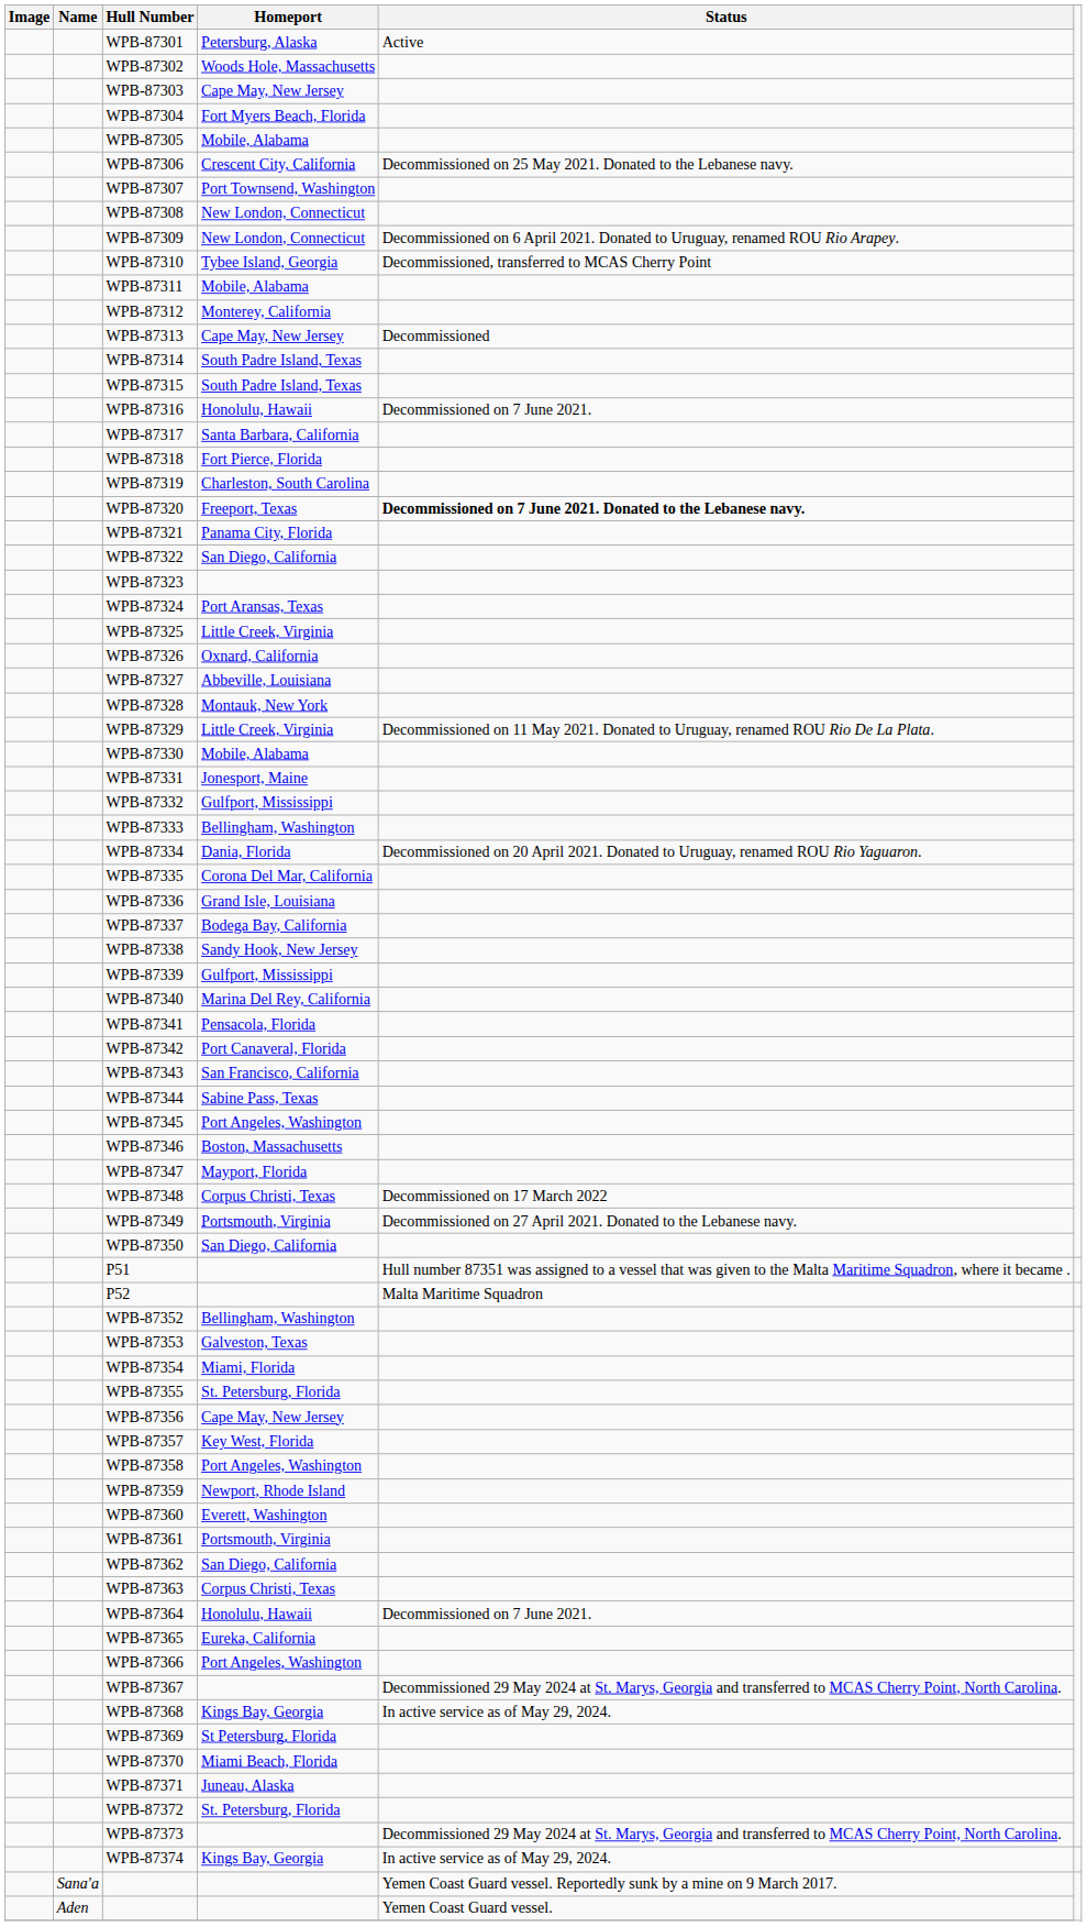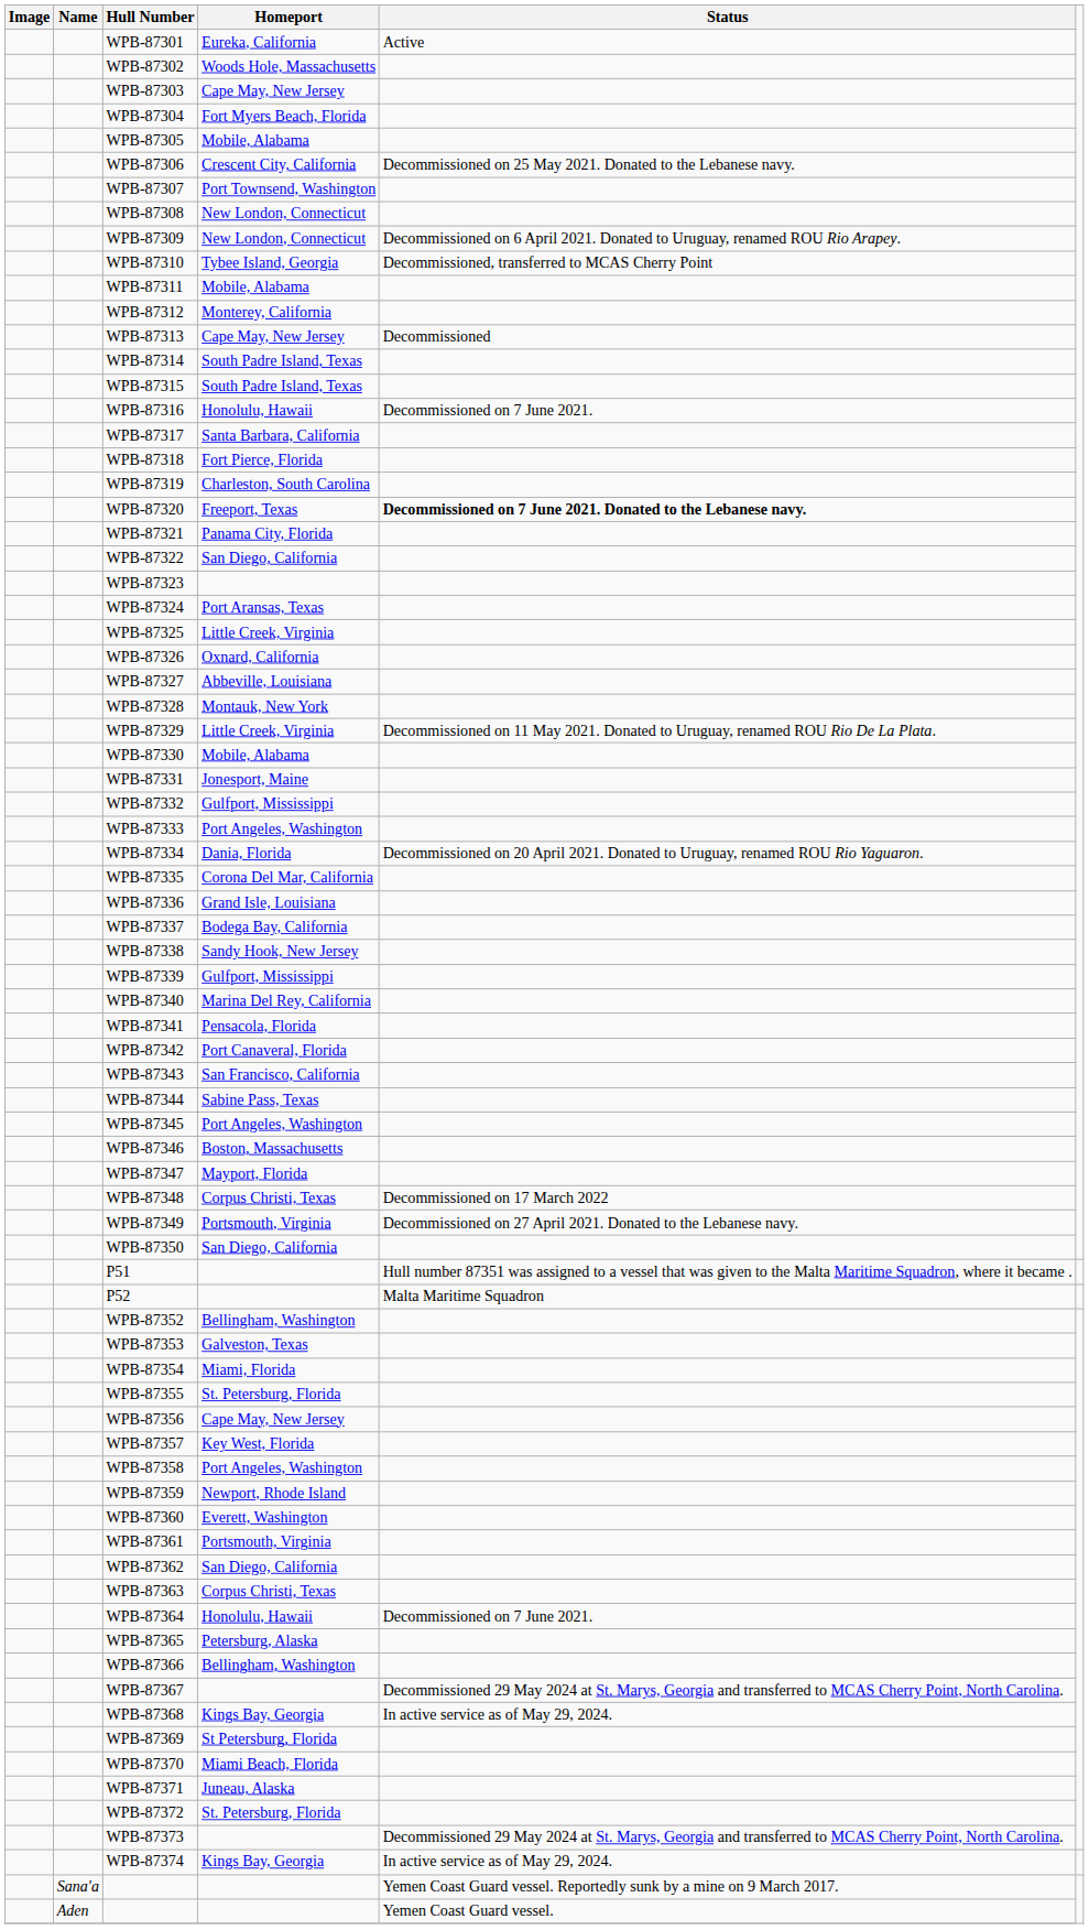 <table class="wikitable sortable sticky-header">
 <tr>
 <th>Image</th>
 <th>Name</th>
 <th>Hull Number</th>
 <th>Homeport</th>
 <th>Status</th>
 </tr>
 <tr>
 <td></td>
 <td></td>
 <td>WPB-87301</td>
-<td><a href='#'>Petersburg, Alaska</a></td>
+<td><a href='#'>Eureka, California</a></td>
 <td>Active</td>
 </tr>
 <tr>
 <td></td>
 <td></td>
 <td>WPB-87302</td>
 <td><a href='#'>Woods Hole, Massachusetts</a></td>
 <td></td>
 </tr>
 <tr>
 <td></td>
 <td></td>
 <td>WPB-87303</td>
 <td><a href='#'>Cape May, New Jersey</a></td>
 <td></td>
 </tr>
 <tr>
 <td></td>
 <td></td>
 <td>WPB-87304</td>
 <td><a href='#'>Fort Myers Beach, Florida</a></td>
 <td></td>
 </tr>
 <tr>
 <td></td>
 <td></td>
 <td>WPB-87305</td>
 <td><a href='#'>Mobile, Alabama</a></td>
 <td></td>
 </tr>
 <tr>
 <td></td>
 <td></td>
 <td>WPB-87306</td>
 <td><a href='#'>Crescent City, California</a></td>
 <td>Decommissioned on 25 May 2021. Donated to the Lebanese navy.</td>
 </tr>
 <tr>
 <td></td>
 <td></td>
 <td>WPB-87307</td>
 <td><a href='#'>Port Townsend, Washington</a></td>
 <td></td>
 </tr>
 <tr>
 <td></td>
 <td></td>
 <td>WPB-87308</td>
 <td><a href='#'>New London, Connecticut</a></td>
 <td></td>
 </tr>
 <tr>
 <td></td>
 <td></td>
 <td>WPB-87309</td>
 <td><a href='#'>New London, Connecticut</a></td>
 <td>Decommissioned on 6 April 2021. Donated to Uruguay, renamed ROU <em>Rio Arapey</em>.</td>
 </tr>
 <tr>
 <td></td>
 <td></td>
 <td>WPB-87310</td>
 <td><a href='#'>Tybee Island, Georgia</a></td>
 <td>Decommissioned, transferred to MCAS Cherry Point</td>
 </tr>
 <tr>
 <td></td>
 <td></td>
 <td>WPB-87311</td>
 <td><a href='#'>Mobile, Alabama</a></td>
 <td></td>
 </tr>
 <tr>
 <td></td>
 <td></td>
 <td>WPB-87312</td>
 <td><a href='#'>Monterey, California</a></td>
 <td></td>
 </tr>
 <tr>
 <td></td>
 <td></td>
 <td>WPB-87313</td>
 <td><a href='#'>Cape May, New Jersey</a></td>
 <td>Decommissioned</td>
 </tr>
 <tr>
 <td></td>
 <td></td>
 <td>WPB-87314</td>
 <td><a href='#'>South Padre Island, Texas</a></td>
 <td></td>
 </tr>
 <tr>
 <td></td>
 <td></td>
 <td>WPB-87315</td>
 <td><a href='#'>South Padre Island, Texas</a></td>
 <td></td>
 </tr>
 <tr>
 <td></td>
 <td></td>
 <td>WPB-87316</td>
 <td><a href='#'>Honolulu, Hawaii</a></td>
 <td>Decommissioned on 7 June 2021.</td>
 </tr>
 <tr>
 <td></td>
 <td></td>
 <td>WPB-87317</td>
 <td><a href='#'>Santa Barbara, California</a></td>
 <td></td>
 </tr>
 <tr>
 <td></td>
 <td></td>
 <td>WPB-87318</td>
 <td><a href='#'>Fort Pierce, Florida</a></td>
 <td></td>
 </tr>
 <tr>
 <td></td>
 <td></td>
 <td>WPB-87319</td>
 <td><a href='#'>Charleston, South Carolina</a></td>
 <td></td>
 </tr>
 <tr>
 <td></td>
 <td></td>
 <td>WPB-87320</td>
 <td><a href='#'>Freeport, Texas</a></td>
 <td><strong>Decommissioned on 7 June 2021. Donated to the Lebanese navy.</strong></td>
 </tr>
 <tr>
 <td></td>
 <td></td>
 <td>WPB-87321</td>
 <td><a href='#'>Panama City, Florida</a></td>
 <td></td>
 </tr>
 <tr>
 <td></td>
 <td></td>
 <td>WPB-87322</td>
 <td><a href='#'>San Diego, California</a></td>
 <td></td>
 </tr>
 <tr>
 <td></td>
 <td></td>
 <td>WPB-87323</td>
 <td></td>
 <td></td>
 </tr>
 <tr>
 <td></td>
 <td></td>
 <td>WPB-87324</td>
 <td><a href='#'>Port Aransas, Texas</a></td>
 <td></td>
 </tr>
 <tr>
 <td></td>
 <td></td>
 <td>WPB-87325</td>
 <td><a href='#'>Little Creek, Virginia</a></td>
 <td></td>
 </tr>
 <tr>
 <td></td>
 <td></td>
 <td>WPB-87326</td>
 <td><a href='#'>Oxnard, California</a></td>
 <td></td>
 </tr>
 <tr>
 <td></td>
 <td></td>
 <td>WPB-87327</td>
 <td><a href='#'>Abbeville, Louisiana</a></td>
 <td></td>
 </tr>
 <tr>
 <td></td>
 <td></td>
 <td>WPB-87328</td>
 <td><a href='#'>Montauk, New York</a></td>
 <td></td>
 </tr>
 <tr>
 <td></td>
 <td></td>
 <td>WPB-87329</td>
 <td><a href='#'>Little Creek, Virginia</a></td>
 <td>Decommissioned on 11 May 2021. Donated to Uruguay, renamed ROU <em>Rio De La Plata</em>.</td>
 </tr>
 <tr>
 <td></td>
 <td></td>
 <td>WPB-87330</td>
 <td><a href='#'>Mobile, Alabama</a></td>
 <td></td>
 </tr>
 <tr>
 <td></td>
 <td></td>
 <td>WPB-87331</td>
 <td><a href='#'>Jonesport, Maine</a></td>
 <td></td>
 </tr>
 <tr>
 <td></td>
 <td></td>
 <td>WPB-87332</td>
 <td><a href='#'>Gulfport, Mississippi</a></td>
 <td></td>
 </tr>
 <tr>
 <td></td>
 <td></td>
 <td>WPB-87333</td>
-<td><a href='#'>Bellingham, Washington</a></td>
+<td><a href='#'>Port Angeles, Washington</a></td>
 <td></td>
 </tr>
 <tr>
 <td></td>
 <td></td>
 <td>WPB-87334</td>
 <td><a href='#'>Dania, Florida</a></td>
 <td>Decommissioned on 20 April 2021. Donated to Uruguay, renamed ROU <em>Rio Yaguaron</em>.</td>
 </tr>
 <tr>
 <td></td>
 <td></td>
 <td>WPB-87335</td>
 <td><a href='#'>Corona Del Mar, California</a></td>
 <td></td>
 </tr>
 <tr>
 <td></td>
 <td></td>
 <td>WPB-87336</td>
 <td><a href='#'>Grand Isle, Louisiana</a></td>
 <td></td>
 </tr>
 <tr>
 <td></td>
 <td></td>
 <td>WPB-87337</td>
 <td><a href='#'>Bodega Bay, California</a></td>
 <td></td>
 </tr>
 <tr>
 <td></td>
 <td></td>
 <td>WPB-87338</td>
 <td><a href='#'>Sandy Hook, New Jersey</a></td>
 <td></td>
 </tr>
 <tr>
 <td></td>
 <td></td>
 <td>WPB-87339</td>
 <td><a href='#'>Gulfport, Mississippi</a></td>
 <td></td>
 </tr>
 <tr>
 <td></td>
 <td></td>
 <td>WPB-87340</td>
 <td><a href='#'>Marina Del Rey, California</a></td>
 <td></td>
 </tr>
 <tr>
 <td></td>
 <td></td>
 <td>WPB-87341</td>
 <td><a href='#'>Pensacola, Florida</a></td>
 <td></td>
 </tr>
 <tr>
 <td></td>
 <td></td>
 <td>WPB-87342</td>
 <td><a href='#'>Port Canaveral, Florida</a></td>
 <td></td>
 </tr>
 <tr>
 <td></td>
 <td></td>
 <td>WPB-87343</td>
 <td><a href='#'>San Francisco, California</a></td>
 <td></td>
 </tr>
 <tr>
 <td></td>
 <td></td>
 <td>WPB-87344</td>
 <td><a href='#'>Sabine Pass, Texas</a></td>
 <td></td>
 </tr>
 <tr>
 <td></td>
 <td></td>
 <td>WPB-87345</td>
 <td><a href='#'>Port Angeles, Washington</a></td>
 <td></td>
 </tr>
 <tr>
 <td></td>
 <td></td>
 <td>WPB-87346</td>
 <td><a href='#'>Boston, Massachusetts</a></td>
 <td></td>
 </tr>
 <tr>
 <td></td>
 <td></td>
 <td>WPB-87347</td>
 <td><a href='#'>Mayport, Florida</a></td>
 <td></td>
 </tr>
 <tr>
 <td></td>
 <td></td>
 <td>WPB-87348</td>
 <td><a href='#'>Corpus Christi, Texas</a></td>
 <td>Decommissioned on 17 March 2022</td>
 </tr>
 <tr>
 <td></td>
 <td></td>
 <td>WPB-87349</td>
 <td><a href='#'>Portsmouth, Virginia</a></td>
 <td>Decommissioned on 27 April 2021. Donated to the Lebanese navy.</td>
 </tr>
 <tr>
 <td></td>
 <td></td>
 <td>WPB-87350</td>
 <td><a href='#'>San Diego, California</a></td>
 <td></td>
 </tr>
 <tr>
 <td></td>
 <td></td>
 <td>P51</td>
 <td></td>
 <td>Hull number 87351 was assigned to a vessel that was given to the Malta <a href='#'>Maritime Squadron</a>, where it became .</td>
 <td></td>
 </tr>
 <tr>
 <td></td>
 <td></td>
 <td>P52</td>
 <td></td>
 <td>Malta Maritime Squadron </td>
 <td></td>
 </tr>
 <tr>
 <td></td>
 <td></td>
 <td>WPB-87352</td>
 <td><a href='#'>Bellingham, Washington</a></td>
 <td></td>
 </tr>
 <tr>
 <td></td>
 <td></td>
 <td>WPB-87353</td>
 <td><a href='#'>Galveston, Texas</a></td>
 <td></td>
 </tr>
 <tr>
 <td></td>
 <td></td>
 <td>WPB-87354</td>
 <td><a href='#'>Miami, Florida</a></td>
 <td></td>
 </tr>
 <tr>
 <td></td>
 <td></td>
 <td>WPB-87355</td>
 <td><a href='#'>St. Petersburg, Florida</a></td>
 <td></td>
 </tr>
 <tr>
 <td></td>
 <td></td>
 <td>WPB-87356</td>
 <td><a href='#'>Cape May, New Jersey</a></td>
 <td></td>
 </tr>
 <tr>
 <td></td>
 <td></td>
 <td>WPB-87357</td>
 <td><a href='#'>Key West, Florida</a></td>
 <td></td>
 </tr>
 <tr>
 <td></td>
 <td></td>
 <td>WPB-87358</td>
 <td><a href='#'>Port Angeles, Washington</a></td>
 <td></td>
 </tr>
 <tr>
 <td></td>
 <td></td>
 <td>WPB-87359</td>
 <td><a href='#'>Newport, Rhode Island</a></td>
 <td></td>
 </tr>
 <tr>
 <td></td>
 <td></td>
 <td>WPB-87360</td>
 <td><a href='#'>Everett, Washington</a></td>
 <td></td>
 </tr>
 <tr>
 <td></td>
 <td></td>
 <td>WPB-87361</td>
 <td><a href='#'>Portsmouth, Virginia</a></td>
 <td></td>
 </tr>
 <tr>
 <td></td>
 <td></td>
 <td>WPB-87362</td>
 <td><a href='#'>San Diego, California</a></td>
 <td></td>
 </tr>
 <tr>
 <td></td>
 <td></td>
 <td>WPB-87363</td>
 <td><a href='#'>Corpus Christi, Texas</a></td>
 <td></td>
 </tr>
 <tr>
 <td></td>
 <td></td>
 <td>WPB-87364</td>
 <td><a href='#'>Honolulu, Hawaii</a></td>
 <td>Decommissioned on 7 June 2021.</td>
 </tr>
 <tr>
 <td></td>
 <td></td>
 <td>WPB-87365</td>
-<td><a href='#'>Eureka, California</a></td>
+<td><a href='#'>Petersburg, Alaska</a></td>
 <td></td>
 </tr>
 <tr>
 <td></td>
 <td></td>
 <td>WPB-87366</td>
-<td><a href='#'>Port Angeles, Washington</a></td>
+<td><a href='#'>Bellingham, Washington</a></td>
 <td></td>
 </tr>
 <tr>
 <td></td>
 <td></td>
 <td>WPB-87367</td>
 <td></td>
 <td>Decommissioned 29 May 2024 at <a href='#'>St. Marys, Georgia</a> and transferred to <a href='#'>MCAS Cherry Point, North Carolina</a>.</td>
 </tr>
 <tr>
 <td></td>
 <td></td>
 <td>WPB-87368</td>
 <td><a href='#'>Kings Bay, Georgia</a></td>
 <td>In active service as of May 29, 2024.</td>
 </tr>
 <tr>
 <td></td>
 <td></td>
 <td>WPB-87369</td>
 <td><a href='#'>St Petersburg, Florida</a></td>
 <td></td>
 </tr>
 <tr>
 <td></td>
 <td></td>
 <td>WPB-87370</td>
 <td><a href='#'>Miami Beach, Florida</a></td>
 <td></td>
 </tr>
 <tr>
 <td></td>
 <td></td>
 <td>WPB-87371</td>
 <td><a href='#'>Juneau, Alaska</a></td>
 <td></td>
 </tr>
 <tr>
 <td></td>
 <td></td>
 <td>WPB-87372</td>
 <td><a href='#'>St. Petersburg, Florida</a></td>
 <td></td>
 </tr>
 <tr>
 <td></td>
 <td></td>
 <td>WPB-87373</td>
 <td></td>
 <td>Decommissioned 29 May 2024 at <a href='#'>St. Marys, Georgia</a> and transferred to <a href='#'>MCAS Cherry Point, North Carolina</a>.</td>
 </tr>
 <tr>
 <td></td>
 <td></td>
 <td>WPB-87374</td>
 <td><a href='#'>Kings Bay, Georgia</a></td>
 <td>In active service as of May 29, 2024.</td>
 <td></td>
 </tr>
 <tr>
 <td></td>
 <td><em>Sana'a</em></td>
 <td></td>
 <td></td>
 <td>Yemen Coast Guard vessel. Reportedly sunk by a mine on 9 March 2017.</td>
 </tr>
 <tr>
 <td></td>
 <td><em>Aden</em></td>
 <td></td>
 <td></td>
 <td>Yemen Coast Guard vessel.</td>
 </tr>
 <tr>
 </tr>
 </table>
